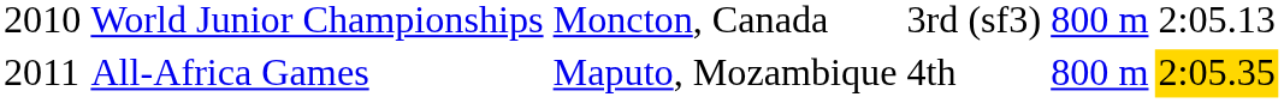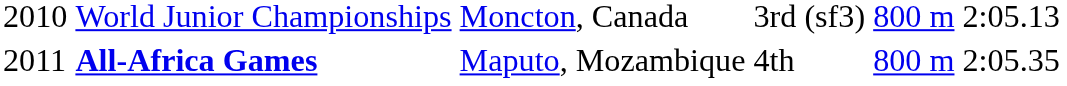 <table>
 <tr>
 <td>2010</td>
 <td><a href='#'>World Junior Championships</a></td>
 <td><a href='#'>Moncton</a>, Canada</td>
 <td>3rd (sf3)</td>
 <td><a href='#'>800 m</a></td>
 <td>2:05.13</td>
 </tr>
 <tr>
 <td>2011</td>
-<td><a href='#'>All-Africa Games</a></td>
+<td><strong><a href='#'>All-Africa Games</a></strong></td>
 <td><a href='#'>Maputo</a>, Mozambique</td>
 <td>4th</td>
 <td><a href='#'>800 m</a></td>
-<td style="background: gold;">2:05.35</td>
+<td>2:05.35</td>
 </tr>
 </table>
